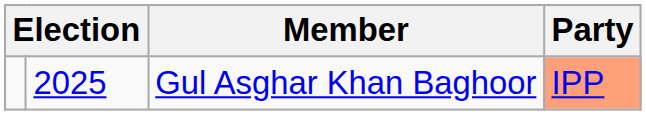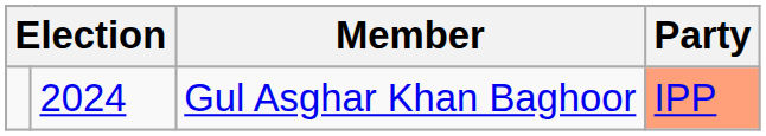 <table class="wikitable">
 <tr>
 <th colspan="2">Election</th>
 <th>Member</th>
 <th>Party</th>
 </tr>
 <tr>
 <td style="background-color: "></td>
-<td><a href='#'>2025</a></td>
+<td><a href='#'>2024</a></td>
 <td><a href='#'>Gul Asghar Khan Baghoor</a></td>
 <td style="background: lightsalmon;"><a href='#'>IPP</a></td>
 </tr>
 </table>
